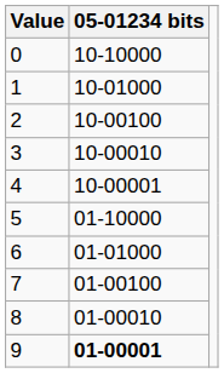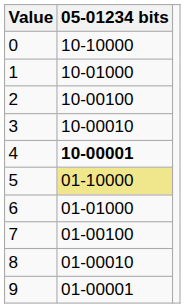 <table class="wikitable">
 <tr>
 <th>Value</th>
 <th>05-01234 bits</th>
 <td rowspan="11"><br></td>
 </tr>
 <tr>
 <td>0</td>
 <td>10-10000</td>
 </tr>
 <tr>
 <td>1</td>
 <td>10-01000</td>
 </tr>
 <tr>
 <td>2</td>
 <td>10-00100</td>
 </tr>
 <tr>
 <td>3</td>
 <td>10-00010</td>
 </tr>
 <tr>
 <td>4</td>
-<td>10-00001</td>
+<td><strong>10-00001</strong></td>
 </tr>
 <tr>
 <td>5</td>
-<td>01-10000</td>
+<td style="background: khaki;">01-10000</td>
 </tr>
 <tr>
 <td>6</td>
 <td>01-01000</td>
 </tr>
 <tr>
 <td>7</td>
 <td>01-00100</td>
 </tr>
 <tr>
 <td>8</td>
 <td>01-00010</td>
 </tr>
 <tr>
 <td>9</td>
-<td><strong>01-00001</strong></td>
+<td>01-00001</td>
 </tr>
 </table>
